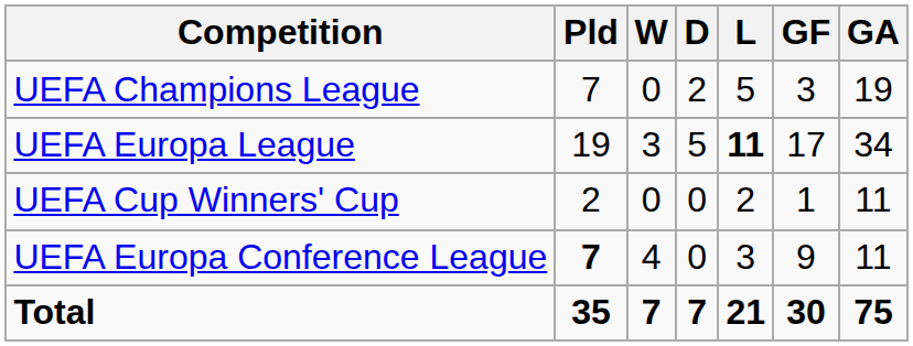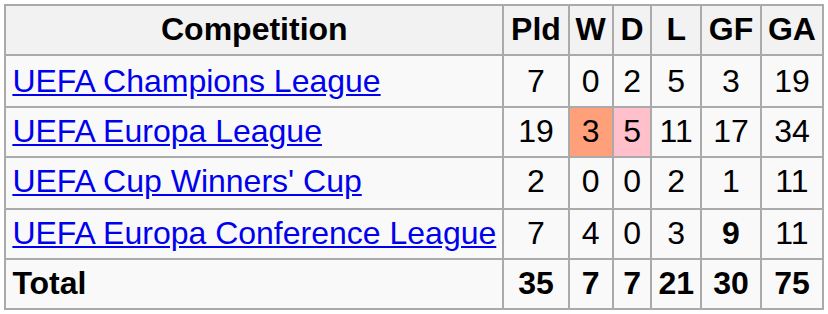 <table class="wikitable">
 <tr>
 <th>Competition</th>
 <th>Pld</th>
 <th>W</th>
 <th>D</th>
 <th>L</th>
 <th>GF</th>
 <th>GA</th>
 </tr>
 <tr>
 <td><a href='#'>UEFA Champions League</a></td>
 <td style="text-align:center;">7</td>
 <td style="text-align:center;">0</td>
 <td style="text-align:center;">2</td>
 <td style="text-align:center;">5</td>
 <td style="text-align:center;">3</td>
 <td style="text-align:center;">19</td>
 </tr>
 <tr>
 <td><a href='#'>UEFA Europa League</a></td>
 <td style="text-align:center;">19</td>
-<td style="text-align:center;">3</td>
-<td style="text-align:center;">5</td>
-<td style="text-align:center;"><strong>11</strong></td>
+<td style="background: lightsalmon; text-align:center;">3</td>
+<td style="background: pink; text-align:center;">5</td>
+<td style="text-align:center;">11</td>
 <td style="text-align:center;">17</td>
 <td style="text-align:center;">34</td>
 </tr>
 <tr>
 <td><a href='#'>UEFA Cup Winners' Cup</a></td>
 <td style="text-align:center;">2</td>
 <td style="text-align:center;">0</td>
 <td style="text-align:center;">0</td>
 <td style="text-align:center;">2</td>
 <td style="text-align:center;">1</td>
 <td style="text-align:center;">11</td>
 </tr>
 <tr>
 <td><a href='#'>UEFA Europa Conference League</a></td>
-<td style="text-align:center;"><strong>7</strong></td>
+<td style="text-align:center;">7</td>
 <td style="text-align:center;">4</td>
 <td style="text-align:center;">0</td>
 <td style="text-align:center;">3</td>
-<td style="text-align:center;">9</td>
+<td style="text-align:center;"><strong>9</strong></td>
 <td style="text-align:center;">11</td>
 </tr>
 <tr>
 <td><strong>Total</strong></td>
 <td style="text-align:center;"><strong>35</strong></td>
 <td style="text-align:center;"><strong>7</strong></td>
 <td style="text-align:center;"><strong>7</strong></td>
 <td style="text-align:center;"><strong>21</strong></td>
 <td style="text-align:center;"><strong>30</strong></td>
 <td style="text-align:center;"><strong>75</strong></td>
 </tr>
 <tr>
 </tr>
 </table>
